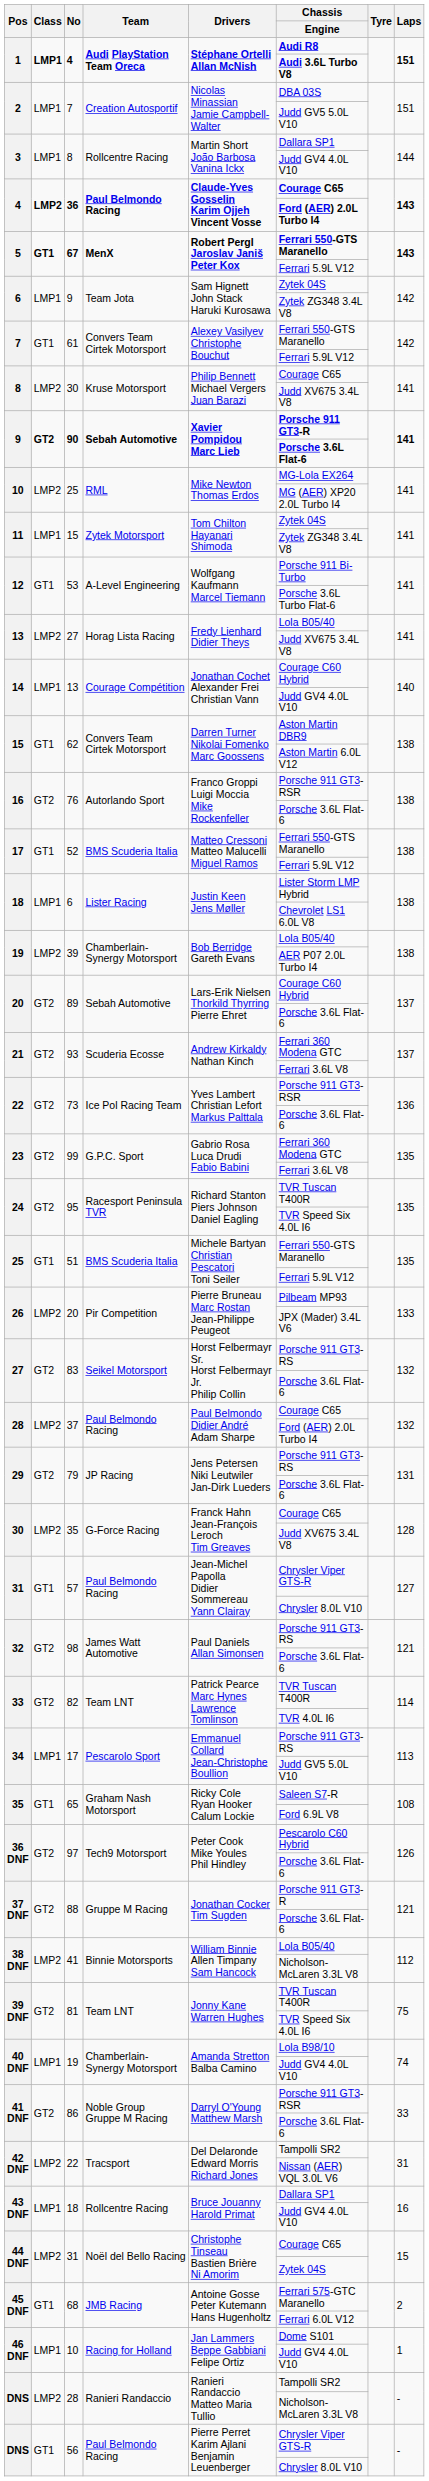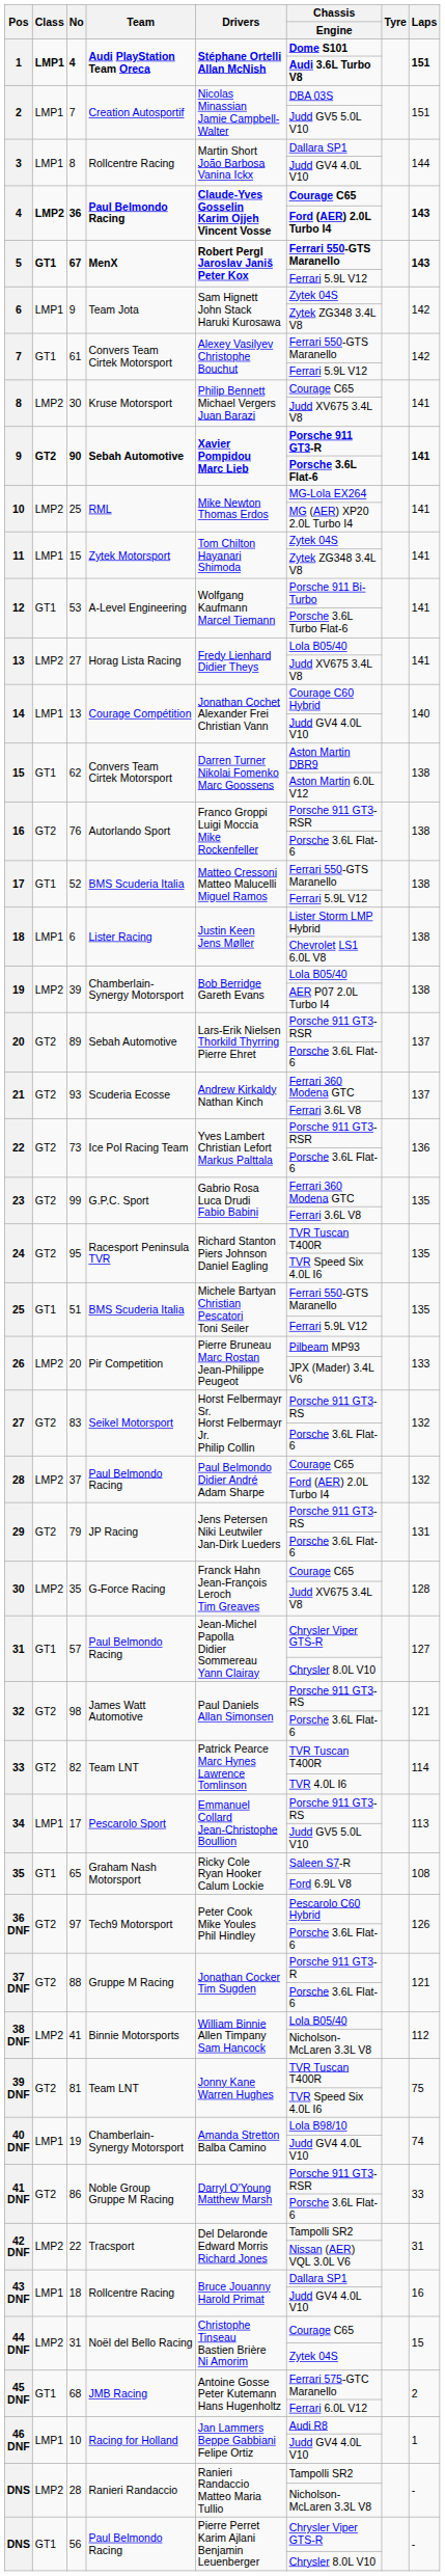 <table class="wikitable" style="font-size: 95%;">
 <tr>
 <th rowspan=2>Pos</th>
 <th rowspan=2>Class</th>
 <th rowspan=2>No</th>
 <th rowspan=2>Team</th>
 <th rowspan=2>Drivers</th>
 <th>Chassis</th>
 <th rowspan=2>Tyre</th>
 <th rowspan=2>Laps</th>
 </tr>
 <tr>
 <th>Engine</th>
 </tr>
 <tr style="font-weight:bold">
 <th rowspan=2>1</th>
 <td rowspan=2>LMP1</td>
 <td rowspan=2>4</td>
 <td rowspan=2> <a href='#'>Audi</a> <a href='#'>PlayStation</a> Team <a href='#'>Oreca</a></td>
 <td rowspan=2> <a href='#'>Stéphane Ortelli</a><br> <a href='#'>Allan McNish</a></td>
-<td><a href='#'>Audi R8</a></td>
+<td><a href='#'>Dome</a> S101</td>
 <td rowspan=2></td>
 <td rowspan=2>151</td>
 </tr>
 <tr style="font-weight:bold">
 <td><a href='#'>Audi</a> 3.6L Turbo V8</td>
 </tr>
 <tr>
 <th rowspan=2>2</th>
 <td rowspan=2>LMP1</td>
 <td rowspan=2>7</td>
 <td rowspan=2> <a href='#'>Creation Autosportif</a></td>
 <td rowspan=2> <a href='#'>Nicolas Minassian</a><br> <a href='#'>Jamie Campbell-Walter</a></td>
 <td><a href='#'>DBA 03S</a></td>
 <td rowspan=2></td>
 <td rowspan=2>151</td>
 </tr>
 <tr>
 <td><a href='#'>Judd</a> GV5 5.0L V10</td>
 </tr>
 <tr>
 <th rowspan=2>3</th>
 <td rowspan=2>LMP1</td>
 <td rowspan=2>8</td>
 <td rowspan=2> Rollcentre Racing</td>
 <td rowspan=2> Martin Short<br> <a href='#'>João Barbosa</a><br> <a href='#'>Vanina Ickx</a></td>
 <td><a href='#'>Dallara SP1</a></td>
 <td rowspan=2></td>
 <td rowspan=2>144</td>
 </tr>
 <tr>
 <td><a href='#'>Judd</a> GV4 4.0L V10</td>
 </tr>
 <tr style="font-weight:bold">
 <th rowspan=2>4</th>
 <td rowspan=2>LMP2</td>
 <td rowspan=2>36</td>
 <td rowspan=2> <a href='#'>Paul Belmondo</a> Racing</td>
 <td rowspan=2> <a href='#'>Claude-Yves Gosselin</a><br> <a href='#'>Karim Ojjeh</a><br> Vincent Vosse</td>
 <td><a href='#'>Courage</a> C65</td>
 <td rowspan=2></td>
 <td rowspan=2>143</td>
 </tr>
 <tr style="font-weight:bold">
 <td><a href='#'>Ford</a> (<a href='#'>AER</a>) 2.0L Turbo I4</td>
 </tr>
 <tr style="font-weight:bold">
 <th rowspan=2>5</th>
 <td rowspan=2>GT1</td>
 <td rowspan=2>67</td>
 <td rowspan=2> MenX</td>
 <td rowspan=2> Robert Pergl<br> <a href='#'>Jaroslav Janiš</a><br> <a href='#'>Peter Kox</a></td>
 <td><a href='#'>Ferrari 550</a>-GTS Maranello</td>
 <td rowspan=2></td>
 <td rowspan=2>143</td>
 </tr>
 <tr>
 <td><a href='#'>Ferrari</a> 5.9L V12</td>
 </tr>
 <tr>
 <th rowspan=2>6</th>
 <td rowspan=2>LMP1</td>
 <td rowspan=2>9</td>
 <td rowspan=2> Team Jota</td>
 <td rowspan=2> Sam Hignett<br> John Stack<br> Haruki Kurosawa</td>
 <td><a href='#'>Zytek 04S</a></td>
 <td rowspan=2></td>
 <td rowspan=2>142</td>
 </tr>
 <tr>
 <td><a href='#'>Zytek</a> ZG348 3.4L V8</td>
 </tr>
 <tr>
 <th rowspan=2>7</th>
 <td rowspan=2>GT1</td>
 <td rowspan=2>61</td>
 <td rowspan=2> Convers Team<br> Cirtek Motorsport</td>
 <td rowspan=2> <a href='#'>Alexey Vasilyev</a><br> <a href='#'>Christophe Bouchut</a></td>
 <td><a href='#'>Ferrari 550</a>-GTS Maranello</td>
 <td rowspan=2></td>
 <td rowspan=2>142</td>
 </tr>
 <tr>
 <td><a href='#'>Ferrari</a> 5.9L V12</td>
 </tr>
 <tr>
 <th rowspan=2>8</th>
 <td rowspan=2>LMP2</td>
 <td rowspan=2>30</td>
 <td rowspan=2> Kruse Motorsport</td>
 <td rowspan=2> <a href='#'>Philip Bennett</a><br> Michael Vergers<br> <a href='#'>Juan Barazi</a></td>
 <td><a href='#'>Courage</a> C65</td>
 <td rowspan=2></td>
 <td rowspan=2>141</td>
 </tr>
 <tr>
 <td><a href='#'>Judd</a> XV675 3.4L V8</td>
 </tr>
 <tr style="font-weight:bold">
 <th rowspan=2>9</th>
 <td rowspan=2>GT2</td>
 <td rowspan=2>90</td>
 <td rowspan=2> Sebah Automotive</td>
 <td rowspan=2> <a href='#'>Xavier Pompidou</a><br> <a href='#'>Marc Lieb</a></td>
 <td><a href='#'>Porsche 911 GT3</a>-R</td>
 <td rowspan=2></td>
 <td rowspan=2>141</td>
 </tr>
 <tr style="font-weight:bold">
 <td><a href='#'>Porsche</a> 3.6L Flat-6</td>
 </tr>
 <tr>
 <th rowspan=2>10</th>
 <td rowspan=2>LMP2</td>
 <td rowspan=2>25</td>
 <td rowspan=2> <a href='#'>RML</a></td>
 <td rowspan=2> <a href='#'>Mike Newton</a><br> <a href='#'>Thomas Erdos</a></td>
 <td><a href='#'>MG-Lola EX264</a></td>
 <td rowspan=2></td>
 <td rowspan=2>141</td>
 </tr>
 <tr>
 <td><a href='#'>MG</a> (<a href='#'>AER</a>) XP20 2.0L Turbo I4</td>
 </tr>
 <tr>
 <th rowspan=2>11</th>
 <td rowspan=2>LMP1</td>
 <td rowspan=2>15</td>
 <td rowspan=2> <a href='#'>Zytek Motorsport</a></td>
 <td rowspan=2> <a href='#'>Tom Chilton</a><br> <a href='#'>Hayanari Shimoda</a></td>
 <td><a href='#'>Zytek 04S</a></td>
 <td rowspan=2></td>
 <td rowspan=2>141</td>
 </tr>
 <tr>
 <td><a href='#'>Zytek</a> ZG348 3.4L V8</td>
 </tr>
 <tr>
 <th rowspan=2>12</th>
 <td rowspan=2>GT1</td>
 <td rowspan=2>53</td>
 <td rowspan=2> A-Level Engineering</td>
 <td rowspan=2> Wolfgang Kaufmann<br> <a href='#'>Marcel Tiemann</a></td>
 <td><a href='#'>Porsche 911 Bi-Turbo</a></td>
 <td rowspan=2></td>
 <td rowspan=2>141</td>
 </tr>
 <tr>
 <td><a href='#'>Porsche</a> 3.6L Turbo Flat-6</td>
 </tr>
 <tr>
 <th rowspan=2>13</th>
 <td rowspan=2>LMP2</td>
 <td rowspan=2>27</td>
 <td rowspan=2> Horag Lista Racing</td>
 <td rowspan=2> <a href='#'>Fredy Lienhard</a><br> <a href='#'>Didier Theys</a></td>
 <td><a href='#'>Lola B05/40</a></td>
 <td rowspan=2></td>
 <td rowspan=2>141</td>
 </tr>
 <tr>
 <td><a href='#'>Judd</a> XV675 3.4L V8</td>
 </tr>
 <tr>
 <th rowspan=2>14</th>
 <td rowspan=2>LMP1</td>
 <td rowspan=2>13</td>
 <td rowspan=2> <a href='#'>Courage Compétition</a></td>
 <td rowspan=2> <a href='#'>Jonathan Cochet</a><br> Alexander Frei<br> Christian Vann</td>
 <td><a href='#'>Courage C60 Hybrid</a></td>
 <td rowspan=2></td>
 <td rowspan=2>140</td>
 </tr>
 <tr>
 <td><a href='#'>Judd</a> GV4 4.0L V10</td>
 </tr>
 <tr>
 <th rowspan=2>15</th>
 <td rowspan=2>GT1</td>
 <td rowspan=2>62</td>
 <td rowspan=2> Convers Team<br> Cirtek Motorsport</td>
 <td rowspan=2> <a href='#'>Darren Turner</a><br> <a href='#'>Nikolai Fomenko</a><br> <a href='#'>Marc Goossens</a></td>
 <td><a href='#'>Aston Martin DBR9</a></td>
 <td rowspan=2></td>
 <td rowspan=2>138</td>
 </tr>
 <tr>
 <td><a href='#'>Aston Martin</a> 6.0L V12</td>
 </tr>
 <tr>
 <th rowspan=2>16</th>
 <td rowspan=2>GT2</td>
 <td rowspan=2>76</td>
 <td rowspan=2> Autorlando Sport</td>
 <td rowspan=2> Franco Groppi<br> Luigi Moccia<br> <a href='#'>Mike Rockenfeller</a></td>
 <td><a href='#'>Porsche 911 GT3</a>-RSR</td>
 <td rowspan=2></td>
 <td rowspan=2>138</td>
 </tr>
 <tr>
 <td><a href='#'>Porsche</a> 3.6L Flat-6</td>
 </tr>
 <tr>
 <th rowspan=2>17</th>
 <td rowspan=2>GT1</td>
 <td rowspan=2>52</td>
 <td rowspan=2> <a href='#'>BMS Scuderia Italia</a></td>
 <td rowspan=2> <a href='#'>Matteo Cressoni</a><br> Matteo Malucelli<br> <a href='#'>Miguel Ramos</a></td>
 <td><a href='#'>Ferrari 550</a>-GTS Maranello</td>
 <td rowspan=2></td>
 <td rowspan=2>138</td>
 </tr>
 <tr>
 <td><a href='#'>Ferrari</a> 5.9L V12</td>
 </tr>
 <tr>
 <th rowspan=2>18</th>
 <td rowspan=2>LMP1</td>
 <td rowspan=2>6</td>
 <td rowspan=2> <a href='#'>Lister Racing</a></td>
 <td rowspan=2> <a href='#'>Justin Keen</a><br> <a href='#'>Jens Møller</a></td>
 <td><a href='#'>Lister Storm LMP</a> Hybrid</td>
 <td rowspan=2></td>
 <td rowspan=2>138</td>
 </tr>
 <tr>
 <td><a href='#'>Chevrolet</a> <a href='#'>LS1</a> 6.0L V8</td>
 </tr>
 <tr>
 <th rowspan=2>19</th>
 <td rowspan=2>LMP2</td>
 <td rowspan=2>39</td>
 <td rowspan=2> Chamberlain-Synergy Motorsport</td>
 <td rowspan=2> <a href='#'>Bob Berridge</a><br> Gareth Evans</td>
 <td><a href='#'>Lola B05/40</a></td>
 <td rowspan=2></td>
 <td rowspan=2>138</td>
 </tr>
 <tr>
 <td><a href='#'>AER</a> P07 2.0L Turbo I4</td>
 </tr>
 <tr>
 <th rowspan=2>20</th>
 <td rowspan=2>GT2</td>
 <td rowspan=2>89</td>
 <td rowspan=2> Sebah Automotive</td>
 <td rowspan=2> Lars-Erik Nielsen<br> <a href='#'>Thorkild Thyrring</a><br> Pierre Ehret</td>
-<td><a href='#'>Courage C60 Hybrid</a></td>
+<td><a href='#'>Porsche 911 GT3</a>-RSR</td>
 <td rowspan=2></td>
 <td rowspan=2>137</td>
 </tr>
 <tr>
 <td><a href='#'>Porsche</a> 3.6L Flat-6</td>
 </tr>
 <tr>
 <th rowspan=2>21</th>
 <td rowspan=2>GT2</td>
 <td rowspan=2>93</td>
 <td rowspan=2> Scuderia Ecosse</td>
 <td rowspan=2> <a href='#'>Andrew Kirkaldy</a><br> Nathan Kinch</td>
 <td><a href='#'>Ferrari 360 Modena</a> GTC</td>
 <td rowspan=2></td>
 <td rowspan=2>137</td>
 </tr>
 <tr>
 <td><a href='#'>Ferrari</a> 3.6L V8</td>
 </tr>
 <tr>
 <th rowspan=2>22</th>
 <td rowspan=2>GT2</td>
 <td rowspan=2>73</td>
 <td rowspan=2> Ice Pol Racing Team</td>
 <td rowspan=2> Yves Lambert<br> Christian Lefort<br> <a href='#'>Markus Palttala</a></td>
 <td><a href='#'>Porsche 911 GT3</a>-RSR</td>
 <td rowspan=2></td>
 <td rowspan=2>136</td>
 </tr>
 <tr>
 <td><a href='#'>Porsche</a> 3.6L Flat-6</td>
 </tr>
 <tr>
 <th rowspan=2>23</th>
 <td rowspan=2>GT2</td>
 <td rowspan=2>99</td>
 <td rowspan=2> G.P.C. Sport</td>
 <td rowspan=2> Gabrio Rosa<br> Luca Drudi<br> <a href='#'>Fabio Babini</a></td>
 <td><a href='#'>Ferrari 360 Modena</a> GTC</td>
 <td rowspan=2></td>
 <td rowspan=2>135</td>
 </tr>
 <tr>
 <td><a href='#'>Ferrari</a> 3.6L V8</td>
 </tr>
 <tr>
 <th rowspan=2>24</th>
 <td rowspan=2>GT2</td>
 <td rowspan=2>95</td>
 <td rowspan=2> Racesport Peninsula <a href='#'>TVR</a></td>
 <td rowspan=2> Richard Stanton<br> Piers Johnson<br> Daniel Eagling</td>
 <td><a href='#'>TVR Tuscan</a> T400R</td>
 <td rowspan=2></td>
 <td rowspan=2>135</td>
 </tr>
 <tr>
 <td><a href='#'>TVR</a> Speed Six 4.0L I6</td>
 </tr>
 <tr>
 <th rowspan=2>25</th>
 <td rowspan=2>GT1</td>
 <td rowspan=2>51</td>
 <td rowspan=2> <a href='#'>BMS Scuderia Italia</a></td>
 <td rowspan=2> Michele Bartyan<br> <a href='#'>Christian Pescatori</a><br> Toni Seiler</td>
 <td><a href='#'>Ferrari 550</a>-GTS Maranello</td>
 <td rowspan=2></td>
 <td rowspan=2>135</td>
 </tr>
 <tr>
 <td><a href='#'>Ferrari</a> 5.9L V12</td>
 </tr>
 <tr>
 <th rowspan=2>26</th>
 <td rowspan=2>LMP2</td>
 <td rowspan=2>20</td>
 <td rowspan=2> Pir Competition</td>
 <td rowspan=2> Pierre Bruneau<br> <a href='#'>Marc Rostan</a><br> Jean-Philippe Peugeot</td>
 <td><a href='#'>Pilbeam</a> MP93</td>
 <td rowspan=2></td>
 <td rowspan=2>133</td>
 </tr>
 <tr>
 <td>JPX (Mader) 3.4L V6</td>
 </tr>
 <tr>
 <th rowspan=2>27</th>
 <td rowspan=2>GT2</td>
 <td rowspan=2>83</td>
 <td rowspan=2> <a href='#'>Seikel Motorsport</a></td>
 <td rowspan=2> Horst Felbermayr Sr.<br> Horst Felbermayr Jr.<br> Philip Collin</td>
 <td><a href='#'>Porsche 911 GT3</a>-RS</td>
 <td rowspan=2></td>
 <td rowspan=2>132</td>
 </tr>
 <tr>
 <td><a href='#'>Porsche</a> 3.6L Flat-6</td>
 </tr>
 <tr>
 <th rowspan=2>28</th>
 <td rowspan=2>LMP2</td>
 <td rowspan=2>37</td>
 <td rowspan=2> <a href='#'>Paul Belmondo</a> Racing</td>
 <td rowspan=2> <a href='#'>Paul Belmondo</a><br> <a href='#'>Didier André</a><br> Adam Sharpe</td>
 <td><a href='#'>Courage</a> C65</td>
 <td rowspan=2></td>
 <td rowspan=2>132</td>
 </tr>
 <tr>
 <td><a href='#'>Ford</a> (<a href='#'>AER</a>) 2.0L Turbo I4</td>
 </tr>
 <tr>
 <th rowspan=2>29</th>
 <td rowspan=2>GT2</td>
 <td rowspan=2>79</td>
 <td rowspan=2> JP Racing</td>
 <td rowspan=2> Jens Petersen<br> Niki Leutwiler<br> Jan-Dirk Lueders</td>
 <td><a href='#'>Porsche 911 GT3</a>-RS</td>
 <td rowspan=2></td>
 <td rowspan=2>131</td>
 </tr>
 <tr>
 <td><a href='#'>Porsche</a> 3.6L Flat-6</td>
 </tr>
 <tr>
 <th rowspan=2>30</th>
 <td rowspan=2>LMP2</td>
 <td rowspan=2>35</td>
 <td rowspan=2> G-Force Racing</td>
 <td rowspan=2> Franck Hahn<br> Jean-François Leroch<br> <a href='#'>Tim Greaves</a></td>
 <td><a href='#'>Courage</a> C65</td>
 <td rowspan=2></td>
 <td rowspan=2>128</td>
 </tr>
 <tr>
 <td><a href='#'>Judd</a> XV675 3.4L V8</td>
 </tr>
 <tr>
 <th rowspan=2>31</th>
 <td rowspan=2>GT1</td>
 <td rowspan=2>57</td>
 <td rowspan=2> <a href='#'>Paul Belmondo</a> Racing</td>
 <td rowspan=2> Jean-Michel Papolla<br> Didier Sommereau<br> <a href='#'>Yann Clairay</a></td>
 <td><a href='#'>Chrysler Viper GTS-R</a></td>
 <td rowspan=2></td>
 <td rowspan=2>127</td>
 </tr>
 <tr>
 <td><a href='#'>Chrysler</a> 8.0L V10</td>
 </tr>
 <tr>
 <th rowspan=2>32</th>
 <td rowspan=2>GT2</td>
 <td rowspan=2>98</td>
 <td rowspan=2> James Watt Automotive</td>
 <td rowspan=2> Paul Daniels<br> <a href='#'>Allan Simonsen</a></td>
 <td><a href='#'>Porsche 911 GT3</a>-RS</td>
 <td rowspan=2></td>
 <td rowspan=2>121</td>
 </tr>
 <tr>
 <td><a href='#'>Porsche</a> 3.6L Flat-6</td>
 </tr>
 <tr>
 <th rowspan=2>33</th>
 <td rowspan=2>GT2</td>
 <td rowspan=2>82</td>
 <td rowspan=2> Team LNT</td>
 <td rowspan=2> Patrick Pearce<br> <a href='#'>Marc Hynes</a><br> <a href='#'>Lawrence Tomlinson</a></td>
 <td><a href='#'>TVR Tuscan</a> T400R</td>
 <td rowspan=2></td>
 <td rowspan=2>114</td>
 </tr>
 <tr>
 <td><a href='#'>TVR</a> 4.0L I6</td>
 </tr>
 <tr>
 <th rowspan=2>34</th>
 <td rowspan=2>LMP1</td>
 <td rowspan=2>17</td>
 <td rowspan=2> <a href='#'>Pescarolo Sport</a></td>
 <td rowspan=2> <a href='#'>Emmanuel Collard</a><br> <a href='#'>Jean-Christophe Boullion</a></td>
 <td><a href='#'>Porsche 911 GT3</a>-RS</td>
 <td rowspan=2></td>
 <td rowspan=2>113</td>
 </tr>
 <tr>
 <td><a href='#'>Judd</a> GV5 5.0L V10</td>
 </tr>
 <tr>
 <th rowspan=2>35</th>
 <td rowspan=2>GT1</td>
 <td rowspan=2>65</td>
 <td rowspan=2> Graham Nash Motorsport</td>
 <td rowspan=2> Ricky Cole<br> Ryan Hooker<br> Calum Lockie</td>
 <td><a href='#'>Saleen S7</a>-R</td>
 <td rowspan=2></td>
 <td rowspan=2>108</td>
 </tr>
 <tr>
 <td><a href='#'>Ford</a> 6.9L V8</td>
 </tr>
 <tr>
 <th rowspan=2>36<br>DNF</th>
 <td rowspan=2>GT2</td>
 <td rowspan=2>97</td>
 <td rowspan=2> Tech9 Motorsport</td>
 <td rowspan=2> Peter Cook<br> Mike Youles<br> Phil Hindley</td>
 <td><a href='#'>Pescarolo C60 Hybrid</a></td>
 <td rowspan=2></td>
 <td rowspan=2>126</td>
 </tr>
 <tr>
 <td><a href='#'>Porsche</a> 3.6L Flat-6</td>
 </tr>
 <tr>
 <th rowspan=2>37<br>DNF</th>
 <td rowspan=2>GT2</td>
 <td rowspan=2>88</td>
 <td rowspan=2> Gruppe M Racing</td>
 <td rowspan=2> <a href='#'>Jonathan Cocker</a><br> <a href='#'>Tim Sugden</a></td>
 <td><a href='#'>Porsche 911 GT3</a>-R</td>
 <td rowspan=2></td>
 <td rowspan=2>121</td>
 </tr>
 <tr>
 <td><a href='#'>Porsche</a> 3.6L Flat-6</td>
 </tr>
 <tr>
 <th rowspan=2>38<br>DNF</th>
 <td rowspan=2>LMP2</td>
 <td rowspan=2>41</td>
 <td rowspan=2> Binnie Motorsports</td>
 <td rowspan=2> <a href='#'>William Binnie</a><br> Allen Timpany<br> <a href='#'>Sam Hancock</a></td>
 <td><a href='#'>Lola B05/40</a></td>
 <td rowspan=2></td>
 <td rowspan=2>112</td>
 </tr>
 <tr>
 <td>Nicholson-McLaren 3.3L V8</td>
 </tr>
 <tr>
 <th rowspan=2>39<br>DNF</th>
 <td rowspan=2>GT2</td>
 <td rowspan=2>81</td>
 <td rowspan=2> Team LNT</td>
 <td rowspan=2> <a href='#'>Jonny Kane</a><br> <a href='#'>Warren Hughes</a></td>
 <td><a href='#'>TVR Tuscan</a> T400R</td>
 <td rowspan=2></td>
 <td rowspan=2>75</td>
 </tr>
 <tr>
 <td><a href='#'>TVR</a> Speed Six 4.0L I6</td>
 </tr>
 <tr>
 <th rowspan=2>40<br>DNF</th>
 <td rowspan=2>LMP1</td>
 <td rowspan=2>19</td>
 <td rowspan=2> Chamberlain-Synergy Motorsport</td>
 <td rowspan=2> <a href='#'>Amanda Stretton</a><br> Balba Camino</td>
 <td><a href='#'>Lola B98/10</a></td>
 <td rowspan=2></td>
 <td rowspan=2>74</td>
 </tr>
 <tr>
 <td><a href='#'>Judd</a> GV4 4.0L V10</td>
 </tr>
 <tr>
 <th rowspan=2>41<br>DNF</th>
 <td rowspan=2>GT2</td>
 <td rowspan=2>86</td>
 <td rowspan=2> Noble Group<br> Gruppe M Racing</td>
 <td rowspan=2> <a href='#'>Darryl O'Young</a><br> <a href='#'>Matthew Marsh</a></td>
 <td><a href='#'>Porsche 911 GT3</a>-RSR</td>
 <td rowspan=2></td>
 <td rowspan=2>33</td>
 </tr>
 <tr>
 <td><a href='#'>Porsche</a> 3.6L Flat-6</td>
 </tr>
 <tr>
 <th rowspan=2>42<br>DNF</th>
 <td rowspan=2>LMP2</td>
 <td rowspan=2>22</td>
 <td rowspan=2> Tracsport</td>
 <td rowspan=2> Del Delaronde<br> Edward Morris<br> <a href='#'>Richard Jones</a></td>
 <td>Tampolli SR2</td>
 <td rowspan=2></td>
 <td rowspan=2>31</td>
 </tr>
 <tr>
 <td><a href='#'>Nissan</a> (<a href='#'>AER</a>) VQL 3.0L V6</td>
 </tr>
 <tr>
 <th rowspan=2>43<br>DNF</th>
 <td rowspan=2>LMP1</td>
 <td rowspan=2>18</td>
 <td rowspan=2> Rollcentre Racing</td>
 <td rowspan=2> <a href='#'>Bruce Jouanny</a><br> <a href='#'>Harold Primat</a></td>
 <td><a href='#'>Dallara SP1</a></td>
 <td rowspan=2></td>
 <td rowspan=2>16</td>
 </tr>
 <tr>
 <td><a href='#'>Judd</a> GV4 4.0L V10</td>
 </tr>
 <tr>
 <th rowspan=2>44<br>DNF</th>
 <td rowspan=2>LMP2</td>
 <td rowspan=2>31</td>
 <td rowspan=2> Noël del Bello Racing</td>
 <td rowspan=2> <a href='#'>Christophe Tinseau</a><br> Bastien Brière<br> <a href='#'>Ni Amorim</a></td>
 <td><a href='#'>Courage</a> C65</td>
 <td rowspan=2></td>
 <td rowspan=2>15</td>
 </tr>
 <tr>
 <td><a href='#'>Zytek 04S</a></td>
 </tr>
 <tr>
 <th rowspan=2>45<br>DNF</th>
 <td rowspan=2>GT1</td>
 <td rowspan=2>68</td>
 <td rowspan=2> <a href='#'>JMB Racing</a></td>
 <td rowspan=2> Antoine Gosse<br> Peter Kutemann<br> Hans Hugenholtz</td>
 <td><a href='#'>Ferrari 575</a>-GTC Maranello</td>
 <td rowspan=2></td>
 <td rowspan=2>2</td>
 </tr>
 <tr>
 <td><a href='#'>Ferrari</a> 6.0L V12</td>
 </tr>
 <tr>
 <th rowspan=2>46<br>DNF</th>
 <td rowspan=2>LMP1</td>
 <td rowspan=2>10</td>
 <td rowspan=2> <a href='#'>Racing for Holland</a></td>
 <td rowspan=2> <a href='#'>Jan Lammers</a><br> <a href='#'>Beppe Gabbiani</a><br> Felipe Ortiz</td>
-<td><a href='#'>Dome</a> S101</td>
+<td><a href='#'>Audi R8</a></td>
 <td rowspan=2></td>
 <td rowspan=2>1</td>
 </tr>
 <tr>
 <td><a href='#'>Judd</a> GV4 4.0L V10</td>
 </tr>
 <tr>
 <th rowspan=2>DNS</th>
 <td rowspan=2>LMP2</td>
 <td rowspan=2>28</td>
 <td rowspan=2> Ranieri Randaccio</td>
 <td rowspan=2> Ranieri Randaccio<br> Matteo Maria Tullio</td>
 <td>Tampolli SR2</td>
 <td rowspan=2></td>
 <td rowspan=2>-</td>
 </tr>
 <tr>
 <td>Nicholson-McLaren 3.3L V8</td>
 </tr>
 <tr>
 <th rowspan=2>DNS</th>
 <td rowspan=2>GT1</td>
 <td rowspan=2>56</td>
 <td rowspan=2> <a href='#'>Paul Belmondo</a> Racing</td>
 <td rowspan=2> Pierre Perret<br> Karim Ajlani<br> Benjamin Leuenberger</td>
 <td><a href='#'>Chrysler Viper GTS-R</a></td>
 <td rowspan=2></td>
 <td rowspan=2>-</td>
 </tr>
 <tr>
 <td><a href='#'>Chrysler</a> 8.0L V10</td>
 </tr>
 </table>
